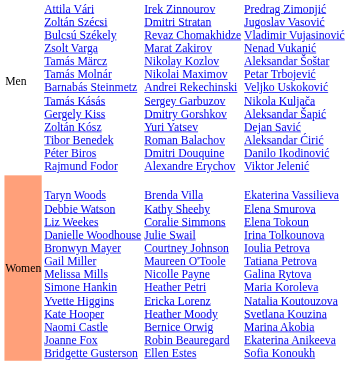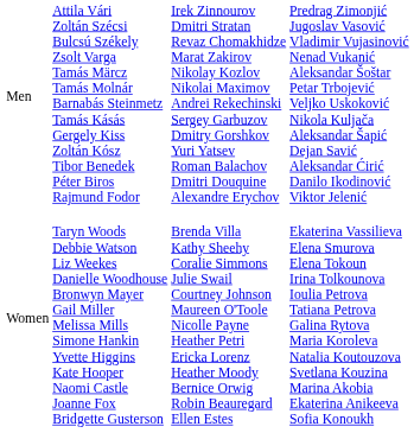 <table>
 <tr>
 <td>Men<br></td>
 <td><br><a href='#'>Attila Vári</a><br><a href='#'>Zoltán Szécsi</a><br><a href='#'>Bulcsú Székely</a><br><a href='#'>Zsolt Varga</a><br><a href='#'>Tamás Märcz</a><br><a href='#'>Tamás Molnár</a><br><a href='#'>Barnabás Steinmetz</a><br><a href='#'>Tamás Kásás</a><br><a href='#'>Gergely Kiss</a><br><a href='#'>Zoltán Kósz</a><br><a href='#'>Tibor Benedek</a><br><a href='#'>Péter Biros</a><br><a href='#'>Rajmund Fodor</a></td>
 <td><br><a href='#'>Irek Zinnourov</a><br><a href='#'>Dmitri Stratan</a><br><a href='#'>Revaz Chomakhidze</a><br><a href='#'>Marat Zakirov</a><br><a href='#'>Nikolay Kozlov</a><br><a href='#'>Nikolai Maximov</a><br><a href='#'>Andrei Rekechinski</a><br><a href='#'>Sergey Garbuzov</a><br><a href='#'>Dmitry Gorshkov</a><br><a href='#'>Yuri Yatsev</a><br><a href='#'>Roman Balachov</a><br><a href='#'>Dmitri Douquine</a><br><a href='#'>Alexandre Erychov</a></td>
 <td><br><a href='#'>Predrag Zimonjić</a><br><a href='#'>Jugoslav Vasović</a><br><a href='#'>Vladimir Vujasinović</a><br><a href='#'>Nenad Vukanić</a><br><a href='#'>Aleksandar Šoštar</a><br><a href='#'>Petar Trbojević</a><br><a href='#'>Veljko Uskoković</a><br><a href='#'>Nikola Kuljača</a><br><a href='#'>Aleksandar Šapić</a><br><a href='#'>Dejan Savić</a><br><a href='#'>Aleksandar Ćirić</a><br><a href='#'>Danilo Ikodinović</a><br><a href='#'>Viktor Jelenić</a></td>
 </tr>
 <tr>
-<td style="background: lightsalmon;">Women<br></td>
+<td>Women<br></td>
 <td><br><a href='#'>Taryn Woods</a><br><a href='#'>Debbie Watson</a><br><a href='#'>Liz Weekes</a><br><a href='#'>Danielle Woodhouse</a><br><a href='#'>Bronwyn Mayer</a><br><a href='#'>Gail Miller</a><br><a href='#'>Melissa Mills</a><br><a href='#'>Simone Hankin</a><br><a href='#'>Yvette Higgins</a><br><a href='#'>Kate Hooper</a><br><a href='#'>Naomi Castle</a><br><a href='#'>Joanne Fox</a><br><a href='#'>Bridgette Gusterson</a></td>
 <td><br><a href='#'>Brenda Villa</a><br><a href='#'>Kathy Sheehy</a><br><a href='#'>Coralie Simmons</a><br><a href='#'>Julie Swail</a><br><a href='#'>Courtney Johnson</a><br><a href='#'>Maureen O'Toole</a><br><a href='#'>Nicolle Payne</a><br><a href='#'>Heather Petri</a><br><a href='#'>Ericka Lorenz</a><br><a href='#'>Heather Moody</a><br><a href='#'>Bernice Orwig</a><br><a href='#'>Robin Beauregard</a><br><a href='#'>Ellen Estes</a></td>
 <td><br><a href='#'>Ekaterina Vassilieva</a><br><a href='#'>Elena Smurova</a><br><a href='#'>Elena Tokoun</a><br><a href='#'>Irina Tolkounova</a><br><a href='#'>Ioulia Petrova</a><br><a href='#'>Tatiana Petrova</a><br><a href='#'>Galina Rytova</a><br><a href='#'>Maria Koroleva</a><br><a href='#'>Natalia Koutouzova</a><br><a href='#'>Svetlana Kouzina</a><br><a href='#'>Marina Akobia</a><br><a href='#'>Ekaterina Anikeeva</a><br><a href='#'>Sofia Konoukh</a></td>
 </tr>
 </table>
